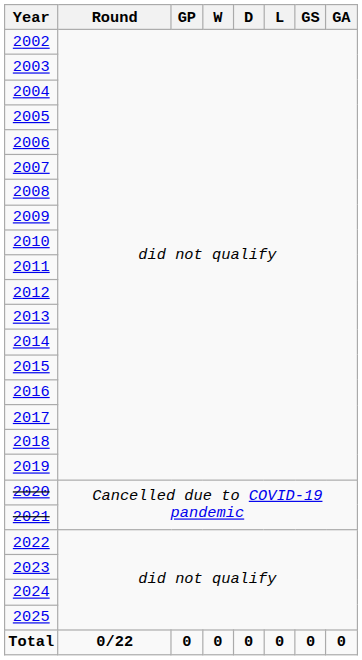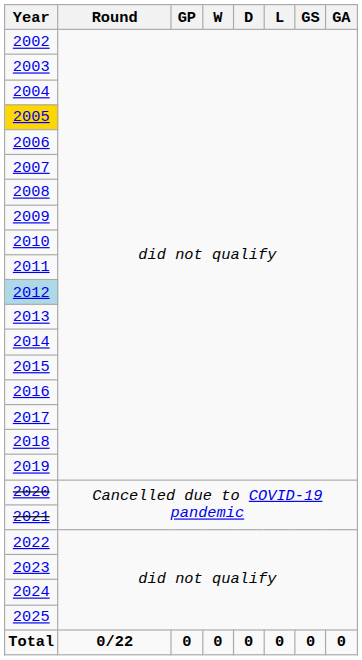 <table class="wikitable" style="text-align: center;">
 <tr>
 <th>Year</th>
 <th width="90">Round</th>
 <th width="20">GP</th>
 <th width="20">W</th>
 <th width="20">D</th>
 <th width="20">L</th>
 <th width="20">GS</th>
 <th width="20">GA</th>
 </tr>
 <tr>
 <td> <a href='#'>2002</a></td>
 <td colspan="7" rowspan="18"><em>did not qualify</em></td>
 </tr>
 <tr>
 <td> <a href='#'>2003</a></td>
 </tr>
 <tr>
 <td> <a href='#'>2004</a></td>
 </tr>
 <tr>
-<td> <a href='#'>2005</a></td>
+<td style="background: gold;"> <a href='#'>2005</a></td>
 </tr>
 <tr>
 <td> <a href='#'>2006</a></td>
 </tr>
 <tr>
 <td> <a href='#'>2007</a></td>
 </tr>
 <tr>
 <td> <a href='#'>2008</a></td>
 </tr>
 <tr>
 <td> <a href='#'>2009</a></td>
 </tr>
 <tr>
 <td> <a href='#'>2010</a></td>
 </tr>
 <tr>
 <td> <a href='#'>2011</a></td>
 </tr>
 <tr>
-<td> <a href='#'>2012</a></td>
+<td style="background: lightblue;"> <a href='#'>2012</a></td>
 </tr>
 <tr>
 <td> <a href='#'>2013</a></td>
 </tr>
 <tr>
 <td> <a href='#'>2014</a></td>
 </tr>
 <tr>
 <td> <a href='#'>2015</a></td>
 </tr>
 <tr>
 <td> <a href='#'>2016</a></td>
 </tr>
 <tr>
 <td> <a href='#'>2017</a></td>
 </tr>
 <tr>
 <td> <a href='#'>2018</a></td>
 </tr>
 <tr>
 <td> <a href='#'>2019</a></td>
 </tr>
 <tr>
 <td> <s><a href='#'>2020</a></s></td>
 <td colspan="7" rowspan="2"><em>Cancelled due to <a href='#'>COVID-19 pandemic</a></em></td>
 </tr>
 <tr>
 <td> <s><a href='#'>2021</a></s></td>
 </tr>
 <tr>
 <td> <a href='#'>2022</a></td>
 <td colspan="7" rowspan="4"><em>did not qualify</em></td>
 </tr>
 <tr>
 <td> <a href='#'>2023</a></td>
 </tr>
 <tr>
 <td> <a href='#'>2024</a></td>
 </tr>
 <tr>
 <td> <a href='#'>2025</a></td>
 </tr>
 <tr>
 <td><strong>Total</strong></td>
 <td><strong>0/22</strong></td>
 <td><strong>0</strong></td>
 <td><strong>0</strong></td>
 <td><strong>0</strong></td>
 <td><strong>0</strong></td>
 <td><strong>0</strong></td>
 <td><strong>0</strong></td>
 </tr>
 </table>
